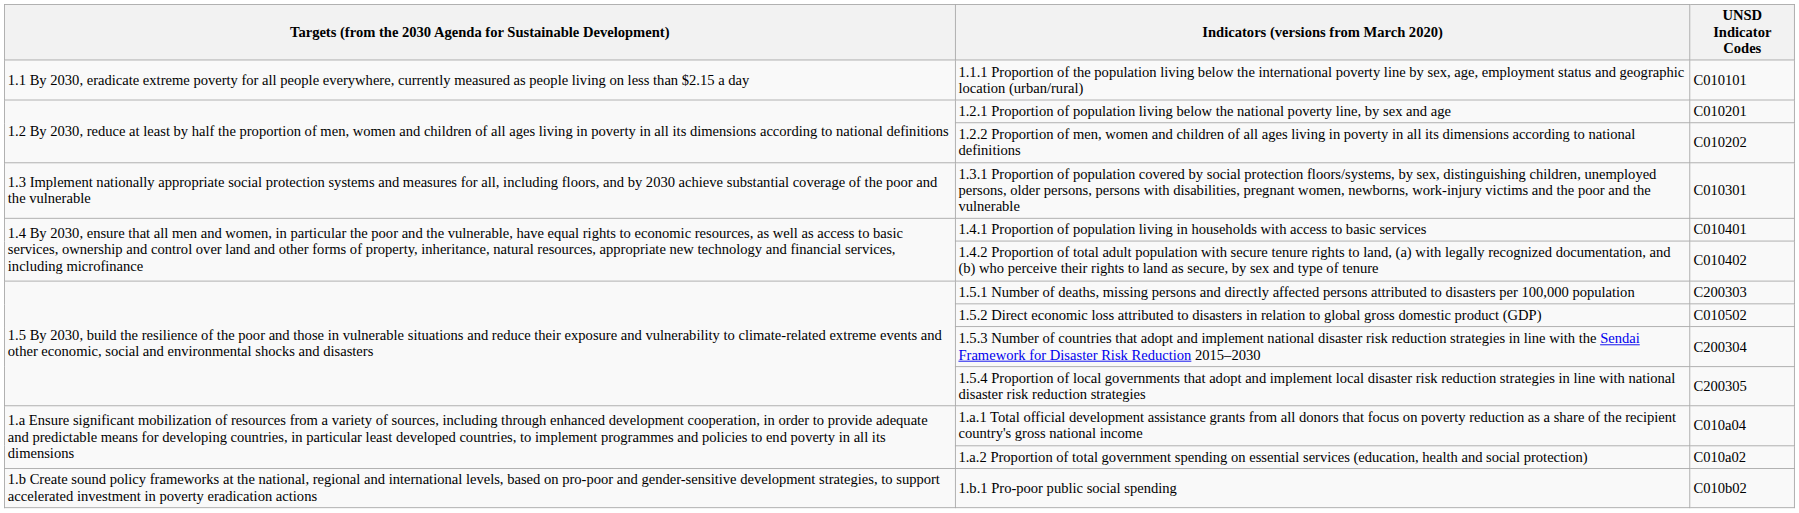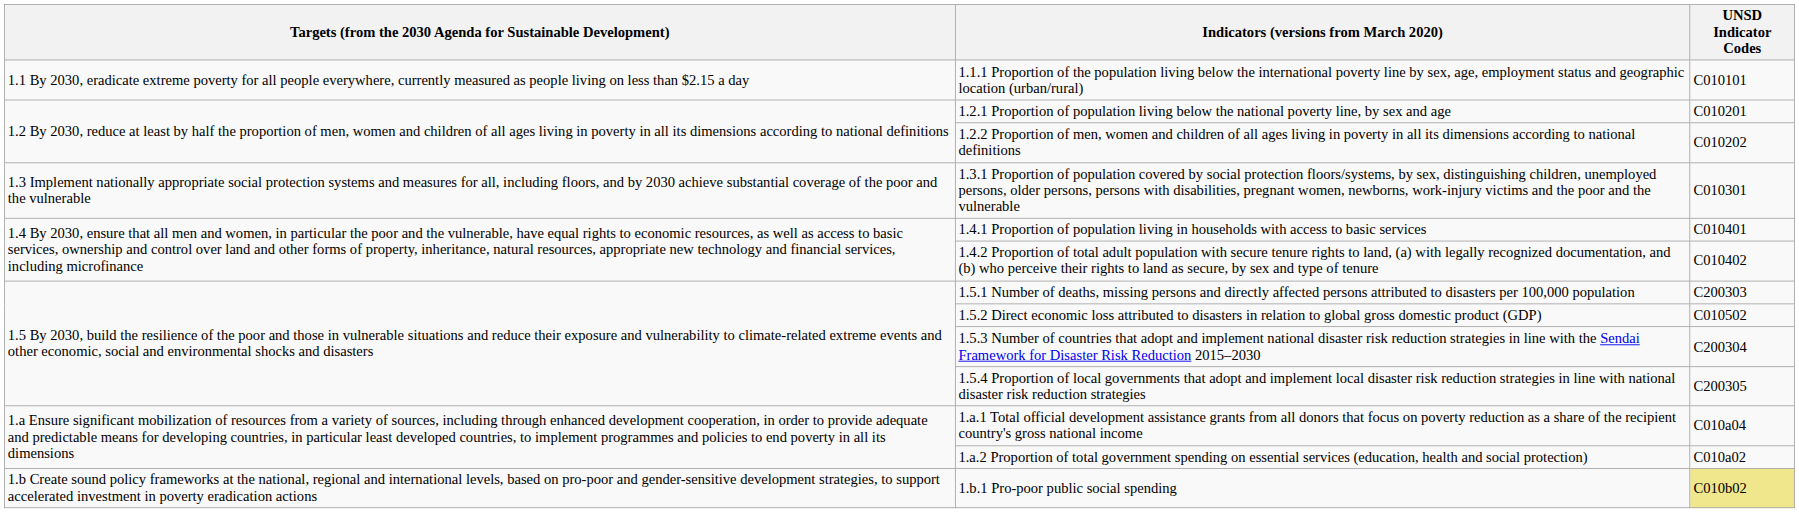 <table class="wikitable">
 <tr>
 <th>Targets (from the 2030 Agenda for Sustainable Development)</th>
 <th>Indicators (versions from March 2020)</th>
 <th>UNSD Indicator Codes </th>
 </tr>
 <tr>
 <td>1.1 By 2030, eradicate extreme poverty for all people everywhere, currently measured as people living on less than $2.15 a day</td>
 <td>1.1.1 Proportion of the population living below the international poverty line by sex, age, employment status and geographic location (urban/rural)</td>
 <td>C010101</td>
 </tr>
 <tr>
 <td colspan="1" rowspan="2">1.2 By 2030, reduce at least by half the proportion of men, women and children of all ages living in poverty in all its dimensions according to national definitions</td>
 <td>1.2.1 Proportion of population living below the national poverty line, by sex and age</td>
 <td>C010201</td>
 </tr>
 <tr>
 <td>1.2.2 Proportion of men, women and children of all ages living in poverty in all its dimensions according to national definitions</td>
 <td>C010202</td>
 </tr>
 <tr>
 <td>1.3 Implement nationally appropriate social protection systems and measures for all, including floors, and by 2030 achieve substantial coverage of the poor and the vulnerable</td>
 <td>1.3.1 Proportion of population covered by social protection floors/systems, by sex, distinguishing children, unemployed persons, older persons, persons with disabilities, pregnant women, newborns, work-injury victims and the poor and the vulnerable</td>
 <td>C010301</td>
 </tr>
 <tr>
 <td colspan="1" rowspan="2">1.4 By 2030, ensure that all men and women, in particular the poor and the vulnerable, have equal rights to economic resources, as well as access to basic services, ownership and control over land and other forms of property, inheritance, natural resources, appropriate new technology and financial services, including microfinance</td>
 <td>1.4.1 Proportion of population living in households with access to basic services</td>
 <td>C010401</td>
 </tr>
 <tr>
 <td>1.4.2 Proportion of total adult population with secure tenure rights to land, (a) with legally recognized documentation, and (b) who perceive their rights to land as secure, by sex and type of tenure</td>
 <td>C010402</td>
 </tr>
 <tr>
 <td colspan="1" rowspan="4">1.5 By 2030, build the resilience of the poor and those in vulnerable situations and reduce their exposure and vulnerability to climate-related extreme events and other economic, social and environmental shocks and disasters</td>
 <td>1.5.1 Number of deaths, missing persons and directly affected persons attributed to disasters per 100,000 population</td>
 <td>C200303</td>
 </tr>
 <tr>
 <td>1.5.2 Direct economic loss attributed to disasters in relation to global gross domestic product (GDP)</td>
 <td>C010502</td>
 </tr>
 <tr>
 <td>1.5.3 Number of countries that adopt and implement national disaster risk reduction strategies in line with the <a href='#'>Sendai Framework for Disaster Risk Reduction</a> 2015–2030</td>
 <td>C200304</td>
 </tr>
 <tr>
 <td>1.5.4 Proportion of local governments that adopt and implement local disaster risk reduction strategies in line with national disaster risk reduction strategies</td>
 <td>C200305</td>
 </tr>
 <tr>
 <td colspan="1" rowspan="2">1.a Ensure significant mobilization of resources from a variety of sources, including through enhanced development cooperation, in order to provide adequate and predictable means for developing countries, in particular least developed countries, to implement programmes and policies to end poverty in all its dimensions</td>
 <td>1.a.1 Total official development assistance grants from all donors that focus on poverty reduction as a share of the recipient country's gross national income</td>
 <td>C010a04</td>
 </tr>
 <tr>
 <td>1.a.2 Proportion of total government spending on essential services (education, health and social protection)</td>
 <td>C010a02</td>
 </tr>
 <tr>
 <td>1.b Create sound policy frameworks at the national, regional and international levels, based on pro-poor and gender-sensitive development strategies, to support accelerated investment in poverty eradication actions</td>
 <td>1.b.1 Pro-poor public social spending</td>
-<td>C010b02</td>
+<td style="background: khaki;">C010b02</td>
 </tr>
 </table>
